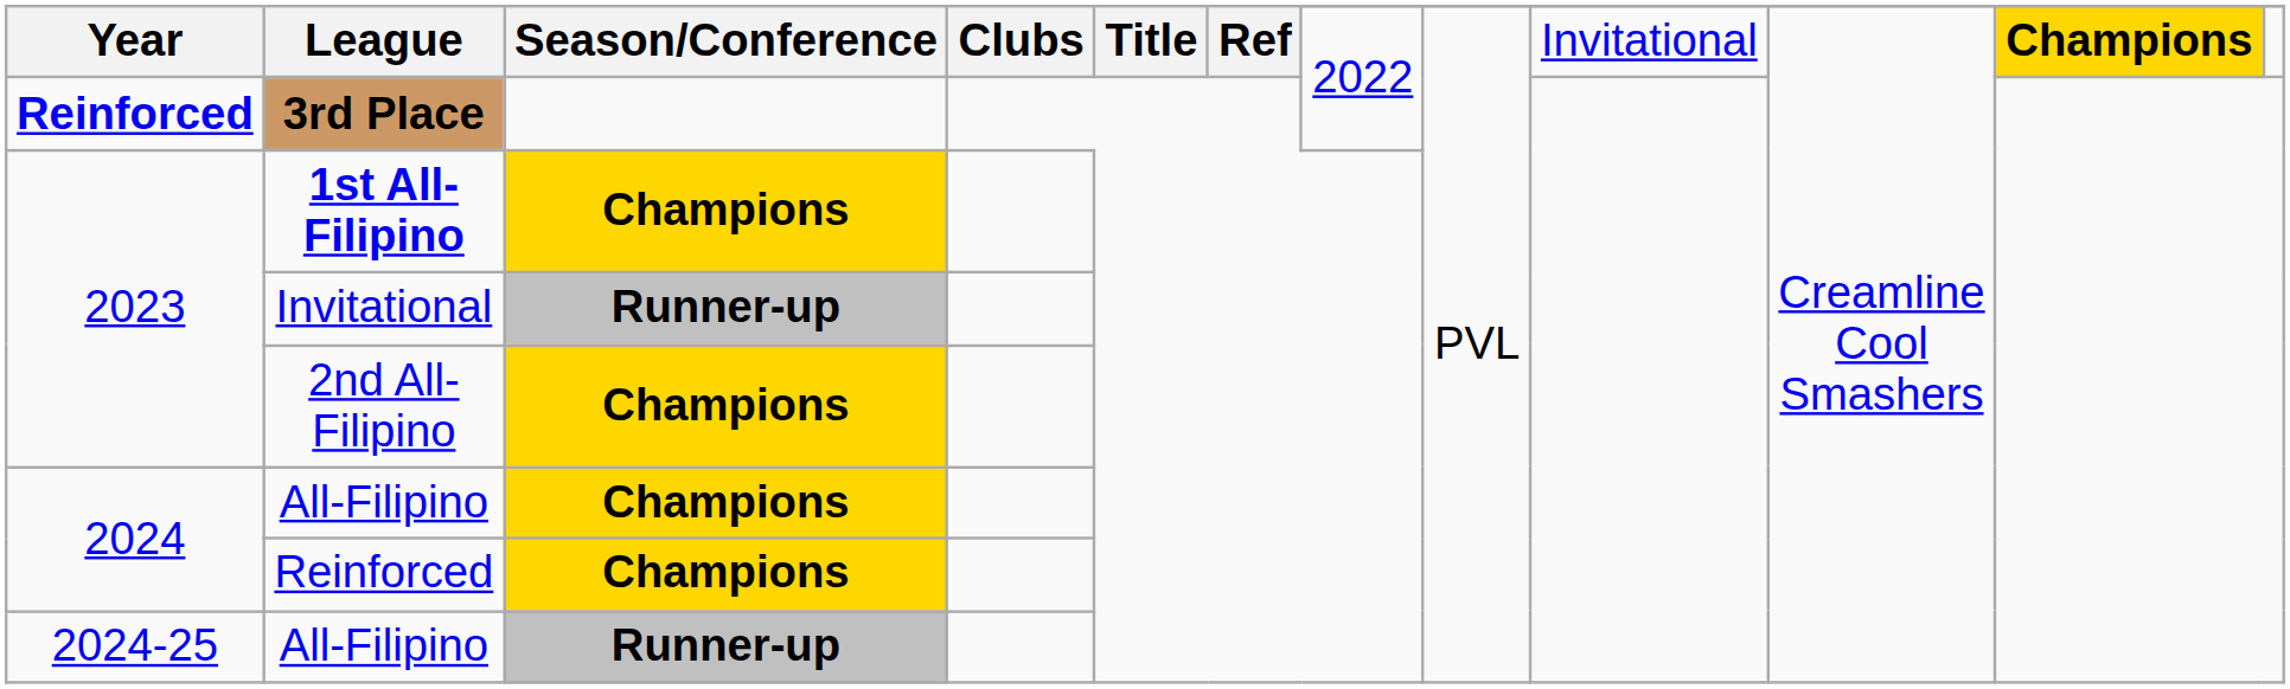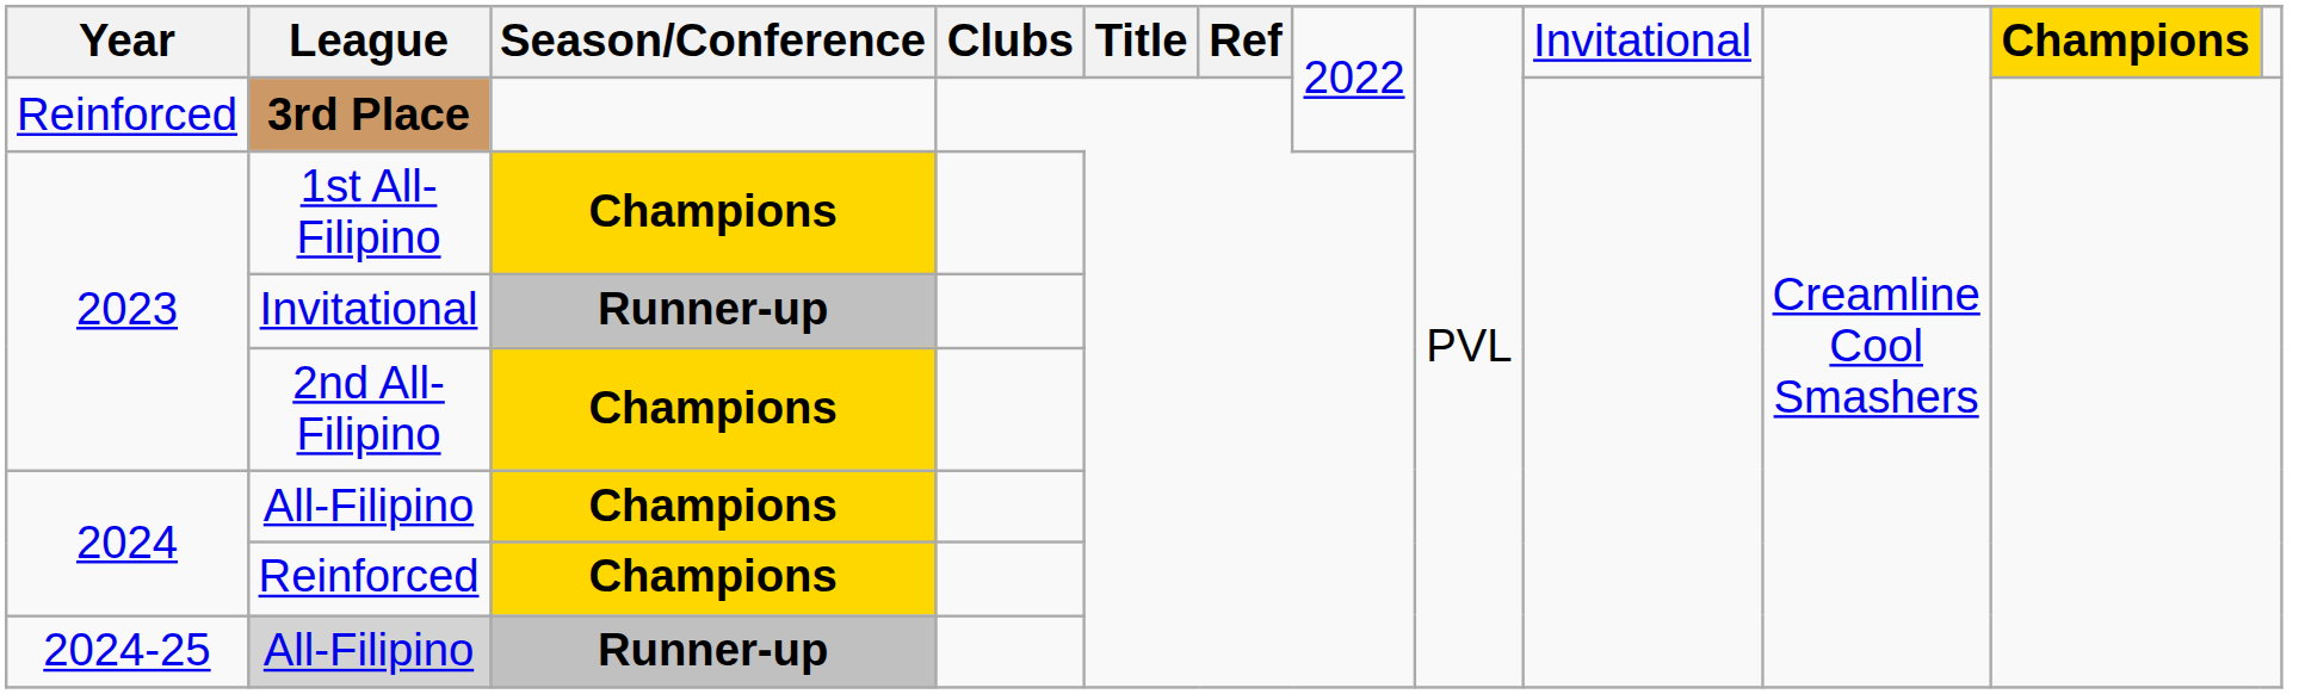 <table class="wikitable sortable" style="text-align:center" width="80%">
 <tr>
 <th style="width:5px;" rowspan="2">Year</th>
 <th style="width:25px;" rowspan="2">League</th>
 <th style="width:100px;" rowspan="2">Season/Conference</th>
 <th style="width:100px;" rowspan="2">Clubs</th>
 <th style="width:150px;" rowspan="2">Title</th>
 <th style="width:25px;" rowspan="2">Ref</th>
 </tr>
 <tr align=center>
 <td rowspan=2><a href='#'>2022</a></td>
 <td rowspan=8>PVL</td>
 <td><a href='#'>Invitational</a></td>
 <td rowspan=8><a href='#'>Creamline Cool Smashers</a></td>
 <td style="background:gold;"><strong>Champions</strong></td>
 <td></td>
 </tr>
 <tr>
-<td><strong><a href='#'>Reinforced</a></strong></td>
+<td><a href='#'>Reinforced</a></td>
 <td style="background:#c96;"><strong>3rd Place</strong></td>
 <td></td>
 </tr>
 <tr align=center>
 <td rowspan=3><a href='#'>2023</a></td>
-<td><strong><a href='#'>1st All-Filipino</a></strong></td>
+<td><a href='#'>1st All-Filipino</a></td>
 <td style="background:gold;"><strong>Champions</strong></td>
 <td></td>
 </tr>
 <tr>
 <td><a href='#'>Invitational</a></td>
 <td style="background:silver;"><strong>Runner-up</strong></td>
 <td></td>
 </tr>
 <tr align=center>
 <td><a href='#'>2nd All-Filipino</a></td>
 <td style="background:gold;"><strong>Champions</strong></td>
 <td></td>
 </tr>
 <tr align=center>
 <td rowspan="2"><a href='#'>2024</a></td>
 <td><a href='#'>All-Filipino</a></td>
 <td style="background:gold;"><strong>Champions</strong></td>
 <td></td>
 </tr>
 <tr>
 <td><a href='#'>Reinforced</a></td>
 <td style="background:gold;"><strong>Champions</strong></td>
 <td></td>
 </tr>
 <tr align=center>
 <td rowspan="2"><a href='#'>2024-25</a></td>
-<td><a href='#'>All-Filipino</a></td>
+<td style="background: lightgrey;"><a href='#'>All-Filipino</a></td>
 <td style="background:silver;"><strong>Runner-up</strong></td>
 <td></td>
 </tr>
 </table>
